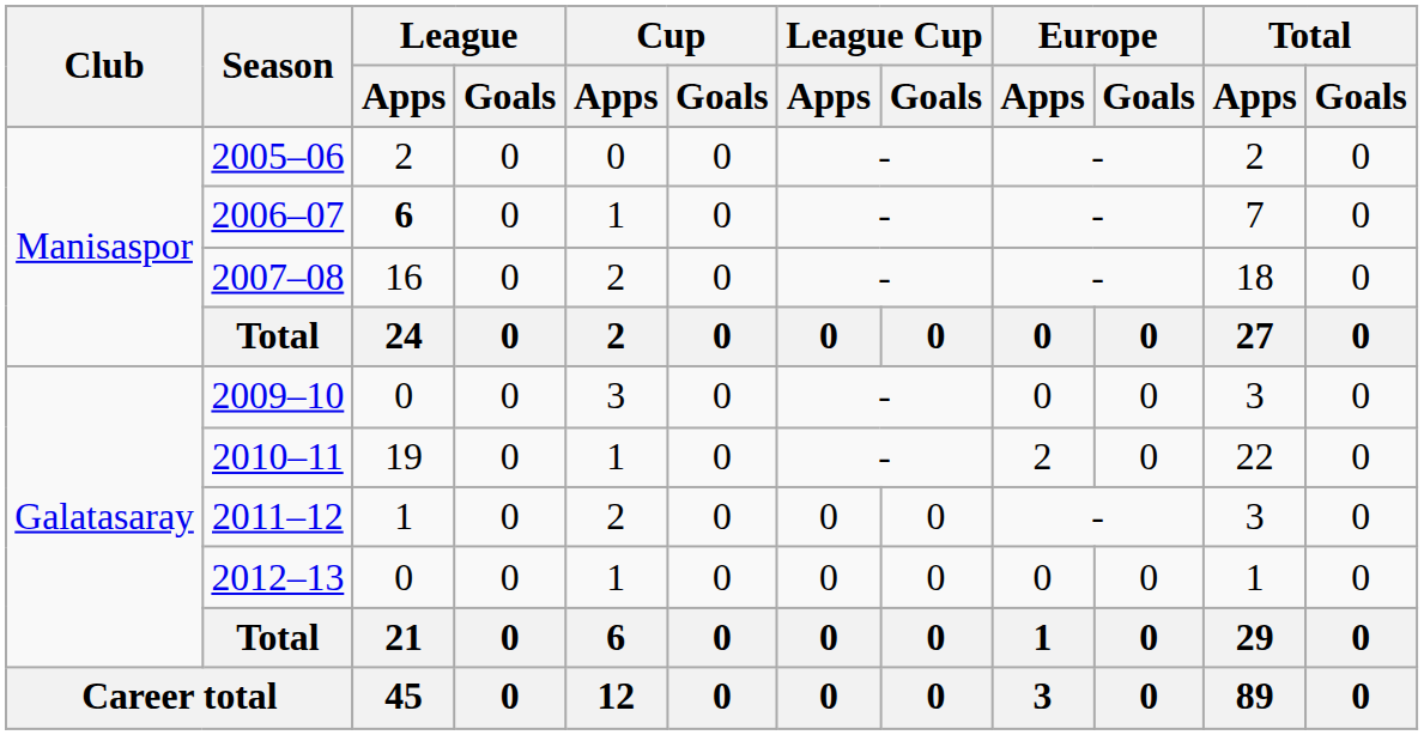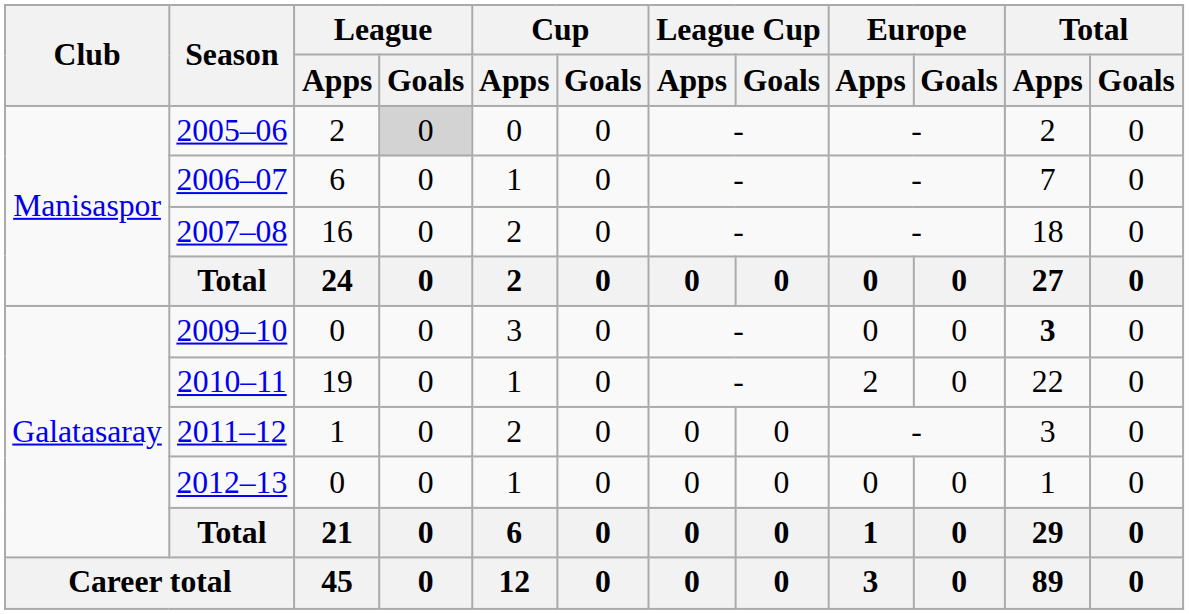 <table class="wikitable" style="text-align: center;">
 <tr>
 <th rowspan="2">Club</th>
 <th rowspan="2">Season</th>
 <th colspan="2">League</th>
 <th colspan="2">Cup</th>
 <th colspan="2">League Cup</th>
 <th colspan="2">Europe</th>
 <th colspan="2">Total</th>
 </tr>
 <tr>
 <th>Apps</th>
 <th>Goals</th>
 <th>Apps</th>
 <th>Goals</th>
 <th>Apps</th>
 <th>Goals</th>
 <th>Apps</th>
 <th>Goals</th>
 <th>Apps</th>
 <th>Goals</th>
 </tr>
 <tr>
 <td rowspan="4" valign="center"><a href='#'>Manisaspor</a></td>
 <td><a href='#'>2005–06</a></td>
 <td>2</td>
-<td>0</td>
+<td style="background: lightgrey;">0</td>
 <td>0</td>
 <td>0</td>
 <td colspan="2">-</td>
 <td colspan="2">-</td>
 <td>2</td>
 <td>0</td>
 </tr>
 <tr>
 <td><a href='#'>2006–07</a></td>
-<td><strong>6</strong></td>
+<td>6</td>
 <td>0</td>
 <td>1</td>
 <td>0</td>
 <td colspan="2">-</td>
 <td colspan="2">-</td>
 <td>7</td>
 <td>0</td>
 </tr>
 <tr>
 <td><a href='#'>2007–08</a></td>
 <td>16</td>
 <td>0</td>
 <td>2</td>
 <td>0</td>
 <td colspan="2">-</td>
 <td colspan="2">-</td>
 <td>18</td>
 <td>0</td>
 </tr>
 <tr>
 <th>Total</th>
 <th>24</th>
 <th>0</th>
 <th>2</th>
 <th>0</th>
 <th>0</th>
 <th>0</th>
 <th>0</th>
 <th>0</th>
 <th>27</th>
 <th>0</th>
 </tr>
 <tr>
 <td rowspan="5" valign="center"><a href='#'>Galatasaray</a></td>
 <td><a href='#'>2009–10</a></td>
 <td>0</td>
 <td>0</td>
 <td>3</td>
 <td>0</td>
 <td colspan="2">-</td>
 <td>0</td>
 <td>0</td>
-<td>3</td>
+<td><strong>3</strong></td>
 <td>0</td>
 </tr>
 <tr>
 <td><a href='#'>2010–11</a></td>
 <td>19</td>
 <td>0</td>
 <td>1</td>
 <td>0</td>
 <td colspan="2">-</td>
 <td>2</td>
 <td>0</td>
 <td>22</td>
 <td>0</td>
 </tr>
 <tr>
 <td><a href='#'>2011–12</a></td>
 <td>1</td>
 <td>0</td>
 <td>2</td>
 <td>0</td>
 <td>0</td>
 <td>0</td>
 <td colspan="2">-</td>
 <td>3</td>
 <td>0</td>
 </tr>
 <tr>
 <td><a href='#'>2012–13</a></td>
 <td>0</td>
 <td>0</td>
 <td>1</td>
 <td>0</td>
 <td>0</td>
 <td>0</td>
 <td>0</td>
 <td>0</td>
 <td>1</td>
 <td>0</td>
 </tr>
 <tr>
 <th>Total</th>
 <th>21</th>
 <th>0</th>
 <th>6</th>
 <th>0</th>
 <th>0</th>
 <th>0</th>
 <th>1</th>
 <th>0</th>
 <th>29</th>
 <th>0</th>
 </tr>
 <tr>
 <th colspan="2">Career total</th>
 <th>45</th>
 <th>0</th>
 <th>12</th>
 <th>0</th>
 <th>0</th>
 <th>0</th>
 <th>3</th>
 <th>0</th>
 <th>89</th>
 <th>0</th>
 </tr>
 </table>
